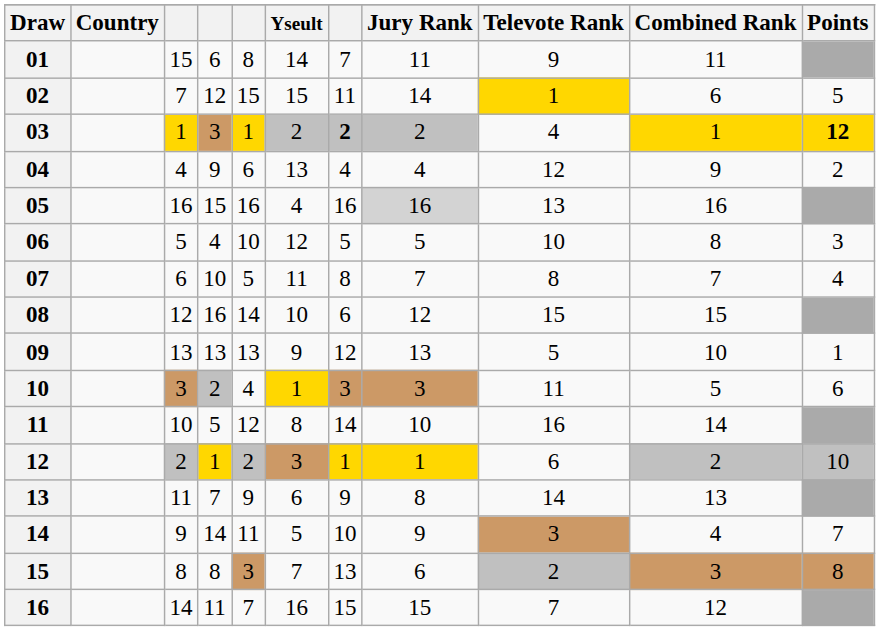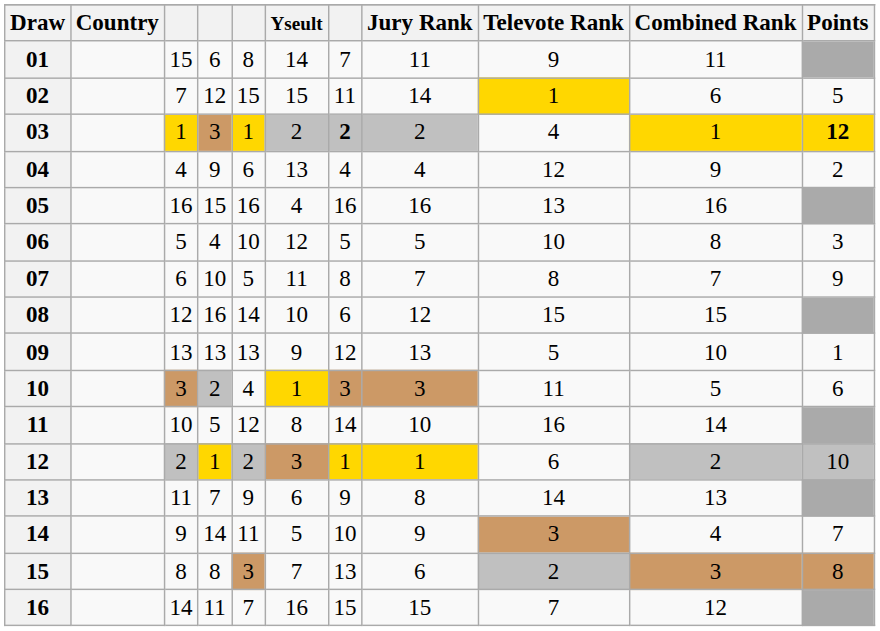 <table class="sortable wikitable collapsible plainrowheaders" style="text-align:center;">
 <tr>
 </tr>
 <tr>
 <th scope="col">Draw</th>
 <th scope="col">Country</th>
 <th scope="col"><small></small></th>
 <th scope="col"><small></small></th>
 <th scope="col"><small></small></th>
 <th scope="col"><small>Yseult</small></th>
 <th scope="col"><small></small></th>
 <th scope="col">Jury Rank</th>
 <th scope="col">Televote Rank</th>
 <th scope="col">Combined Rank</th>
 <th scope="col">Points</th>
 </tr>
 <tr>
 <th scope="row" style="text-align:center;">01</th>
 <td style="text-align:left;"></td>
 <td>15</td>
 <td>6</td>
 <td>8</td>
 <td>14</td>
 <td>7</td>
 <td>11</td>
 <td>9</td>
 <td>11</td>
 <td style="background:#AAAAAA;"></td>
 </tr>
 <tr>
 <th scope="row" style="text-align:center;">02</th>
 <td style="text-align:left;"></td>
 <td>7</td>
 <td>12</td>
 <td>15</td>
 <td>15</td>
 <td>11</td>
 <td>14</td>
 <td style="background:gold;">1</td>
 <td>6</td>
 <td>5</td>
 </tr>
 <tr>
 <th scope="row" style="text-align:center;">03</th>
 <td style="text-align:left;"></td>
 <td style="background:gold;">1</td>
 <td style="background:#CC9966;">3</td>
 <td style="background:gold;">1</td>
 <td style="background:silver;">2</td>
 <td style="background:silver;"><strong>2</strong></td>
 <td style="background:silver;">2</td>
 <td>4</td>
 <td style="background:gold;">1</td>
 <td style="background:gold;"><strong>12</strong></td>
 </tr>
 <tr>
 <th scope="row" style="text-align:center;">04</th>
 <td style="text-align:left;"></td>
 <td>4</td>
 <td>9</td>
 <td>6</td>
 <td>13</td>
 <td>4</td>
 <td>4</td>
 <td>12</td>
 <td>9</td>
 <td>2</td>
 </tr>
 <tr>
 <th scope="row" style="text-align:center;">05</th>
 <td style="text-align:left;"></td>
 <td>16</td>
 <td>15</td>
 <td>16</td>
 <td>4</td>
 <td>16</td>
-<td style="background: lightgrey;">16</td>
+<td>16</td>
 <td>13</td>
 <td>16</td>
 <td style="background:#AAAAAA;"></td>
 </tr>
 <tr>
 <th scope="row" style="text-align:center;">06</th>
 <td style="text-align:left;"></td>
 <td>5</td>
 <td>4</td>
 <td>10</td>
 <td>12</td>
 <td>5</td>
 <td>5</td>
 <td>10</td>
 <td>8</td>
 <td>3</td>
 </tr>
 <tr>
 <th scope="row" style="text-align:center;">07</th>
 <td style="text-align:left;"></td>
 <td>6</td>
 <td>10</td>
 <td>5</td>
 <td>11</td>
 <td>8</td>
 <td>7</td>
 <td>8</td>
 <td>7</td>
-<td>4</td>
+<td>9</td>
 </tr>
 <tr>
 <th scope="row" style="text-align:center;">08</th>
 <td style="text-align:left;"></td>
 <td>12</td>
 <td>16</td>
 <td>14</td>
 <td>10</td>
 <td>6</td>
 <td>12</td>
 <td>15</td>
 <td>15</td>
 <td style="background:#AAAAAA;"></td>
 </tr>
 <tr>
 <th scope="row" style="text-align:center;">09</th>
 <td style="text-align:left;"></td>
 <td>13</td>
 <td>13</td>
 <td>13</td>
 <td>9</td>
 <td>12</td>
 <td>13</td>
 <td>5</td>
 <td>10</td>
 <td>1</td>
 </tr>
 <tr>
 <th scope="row" style="text-align:center;">10</th>
 <td style="text-align:left;"></td>
 <td style="background:#CC9966;">3</td>
 <td style="background:silver;">2</td>
 <td>4</td>
 <td style="background:gold;">1</td>
 <td style="background:#CC9966;">3</td>
 <td style="background:#CC9966;">3</td>
 <td>11</td>
 <td>5</td>
 <td>6</td>
 </tr>
 <tr>
 <th scope="row" style="text-align:center;">11</th>
 <td style="text-align:left;"></td>
 <td>10</td>
 <td>5</td>
 <td>12</td>
 <td>8</td>
 <td>14</td>
 <td>10</td>
 <td>16</td>
 <td>14</td>
 <td style="background:#AAAAAA;"></td>
 </tr>
 <tr>
 <th scope="row" style="text-align:center;">12</th>
 <td style="text-align:left;"></td>
 <td style="background:silver;">2</td>
 <td style="background:gold;">1</td>
 <td style="background:silver;">2</td>
 <td style="background:#CC9966;">3</td>
 <td style="background:gold;">1</td>
 <td style="background:gold;">1</td>
 <td>6</td>
 <td style="background:silver;">2</td>
 <td style="background:silver;">10</td>
 </tr>
 <tr>
 <th scope="row" style="text-align:center;">13</th>
 <td style="text-align:left;"></td>
 <td>11</td>
 <td>7</td>
 <td>9</td>
 <td>6</td>
 <td>9</td>
 <td>8</td>
 <td>14</td>
 <td>13</td>
 <td style="background:#AAAAAA;"></td>
 </tr>
 <tr>
 <th scope="row" style="text-align:center;">14</th>
 <td style="text-align:left;"></td>
 <td>9</td>
 <td>14</td>
 <td>11</td>
 <td>5</td>
 <td>10</td>
 <td>9</td>
 <td style="background:#CC9966;">3</td>
 <td>4</td>
 <td>7</td>
 </tr>
 <tr>
 <th scope="row" style="text-align:center;">15</th>
 <td style="text-align:left;"></td>
 <td>8</td>
 <td>8</td>
 <td style="background:#CC9966;">3</td>
 <td>7</td>
 <td>13</td>
 <td>6</td>
 <td style="background:silver;">2</td>
 <td style="background:#CC9966;">3</td>
 <td style="background:#CC9966;">8</td>
 </tr>
 <tr>
 <th scope="row" style="text-align:center;">16</th>
 <td style="text-align:left;"></td>
 <td>14</td>
 <td>11</td>
 <td>7</td>
 <td>16</td>
 <td>15</td>
 <td>15</td>
 <td>7</td>
 <td>12</td>
 <td style="background:#AAAAAA;"></td>
 </tr>
 </table>
